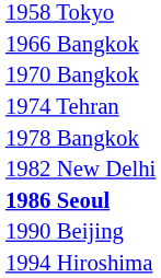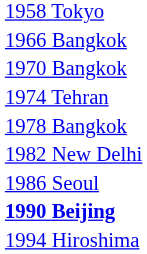 <table>
 <tr>
 <td><a href='#'>1958 Tokyo</a></td>
 <td></td>
 <td></td>
 <td></td>
 </tr>
 <tr>
 <td><a href='#'>1966 Bangkok</a></td>
 <td></td>
 <td></td>
 <td></td>
 </tr>
 <tr>
 <td><a href='#'>1970 Bangkok</a></td>
 <td></td>
 <td></td>
 <td></td>
 </tr>
 <tr>
 <td><a href='#'>1974 Tehran</a></td>
 <td></td>
 <td></td>
 <td></td>
 </tr>
 <tr>
 <td><a href='#'>1978 Bangkok</a></td>
 <td></td>
 <td></td>
 <td></td>
 </tr>
 <tr>
 <td><a href='#'>1982 New Delhi</a></td>
 <td></td>
 <td></td>
 <td></td>
 </tr>
 <tr>
-<td><strong><a href='#'>1986 Seoul</a></strong></td>
+<td><a href='#'>1986 Seoul</a></td>
 <td></td>
 <td></td>
 <td></td>
 </tr>
 <tr>
-<td><a href='#'>1990 Beijing</a></td>
+<td><strong><a href='#'>1990 Beijing</a></strong></td>
 <td></td>
 <td></td>
 <td></td>
 </tr>
 <tr>
 <td><a href='#'>1994 Hiroshima</a></td>
 <td></td>
 <td></td>
 <td></td>
 </tr>
 </table>
